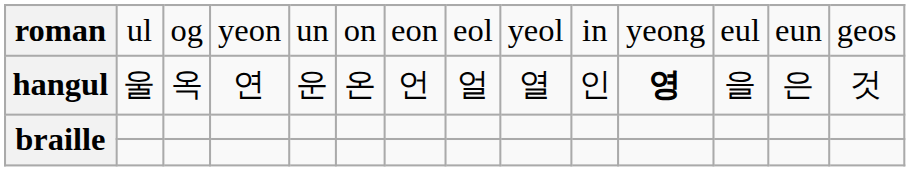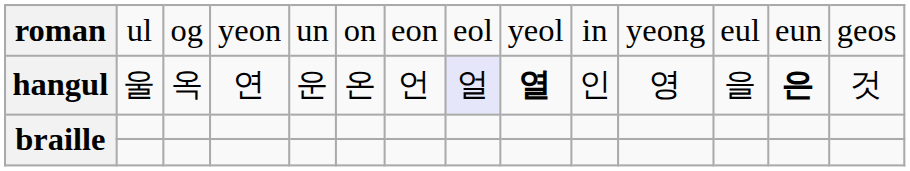 <table class="wikitable">
 <tr align=center>
 <th>roman</th>
 <td>ul</td>
 <td>og</td>
 <td>yeon</td>
 <td>un</td>
 <td>on</td>
 <td>eon</td>
 <td>eol</td>
 <td>yeol</td>
 <td>in</td>
 <td>yeong</td>
 <td>eul</td>
 <td>eun</td>
 <td colspan=2>geos</td>
 </tr>
 <tr align=center>
 <th>hangul</th>
 <td>울</td>
 <td>옥</td>
 <td>연</td>
 <td>운</td>
 <td>온</td>
 <td>언</td>
-<td>얼</td>
-<td>열</td>
+<td style="background: lavender;">얼</td>
+<td><strong>열</strong></td>
 <td>인</td>
-<td><strong>영</strong></td>
+<td>영</td>
 <td>을</td>
-<td>은</td>
+<td><strong>은</strong></td>
 <td colspan=2>것</td>
 </tr>
 <tr align=center>
 <th rowspan=2>braille</th>
 <td></td>
 <td></td>
 <td></td>
 <td></td>
 <td></td>
 <td></td>
 <td></td>
 <td></td>
 <td></td>
 <td></td>
 <td></td>
 <td></td>
 <td colspan=2></td>
 </tr>
 <tr align=center>
 <td></td>
 <td></td>
 <td></td>
 <td></td>
 <td></td>
 <td></td>
 <td></td>
 <td></td>
 <td></td>
 <td align=center></td>
 <td></td>
 <td></td>
 <td colspan=2></td>
 </tr>
 </table>
